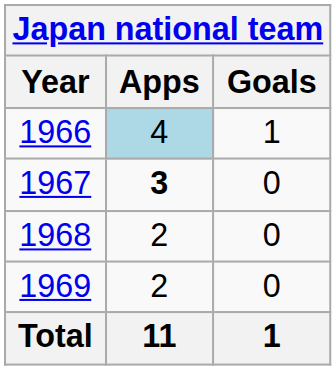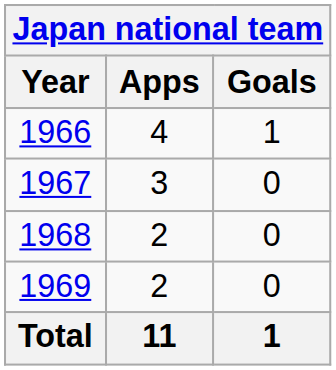 <table class="wikitable" style="text-align:center">
 <tr>
 <th colspan=3><a href='#'>Japan national team</a></th>
 </tr>
 <tr>
 <th>Year</th>
 <th>Apps</th>
 <th>Goals</th>
 </tr>
 <tr>
 <td><a href='#'>1966</a></td>
-<td style="background: lightblue;">4</td>
+<td>4</td>
 <td>1</td>
 </tr>
 <tr>
 <td><a href='#'>1967</a></td>
-<td><strong>3</strong></td>
+<td>3</td>
 <td>0</td>
 </tr>
 <tr>
 <td><a href='#'>1968</a></td>
 <td>2</td>
 <td>0</td>
 </tr>
 <tr>
 <td><a href='#'>1969</a></td>
 <td>2</td>
 <td>0</td>
 </tr>
 <tr>
 <th>Total</th>
 <th>11</th>
 <th>1</th>
 </tr>
 </table>
